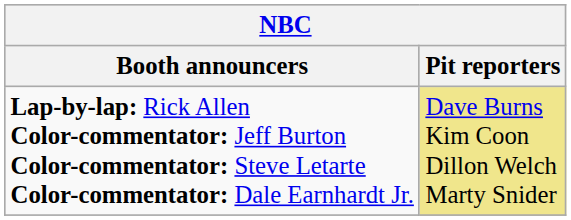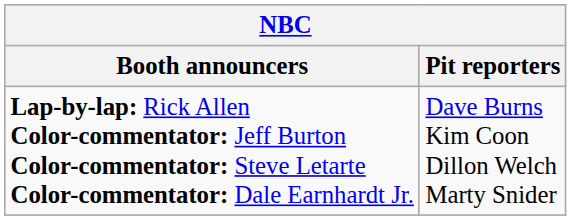 <table class="wikitable" style="font-size: 95%">
 <tr>
 <th colspan="2"><a href='#'>NBC</a></th>
 </tr>
 <tr>
 <th>Booth announcers</th>
 <th>Pit reporters</th>
 </tr>
 <tr>
 <td><strong>Lap-by-lap:</strong> <a href='#'>Rick Allen</a><br><strong>Color-commentator:</strong> <a href='#'>Jeff Burton</a><br><strong>Color-commentator:</strong> <a href='#'>Steve Letarte</a><br><strong>Color-commentator:</strong> <a href='#'>Dale Earnhardt Jr.</a></td>
-<td style="background: khaki;"><a href='#'>Dave Burns</a><br>Kim Coon<br>Dillon Welch<br>Marty Snider</td>
+<td><a href='#'>Dave Burns</a><br>Kim Coon<br>Dillon Welch<br>Marty Snider</td>
 </tr>
 </table>
